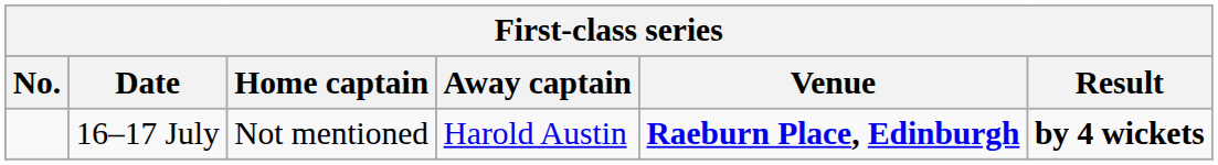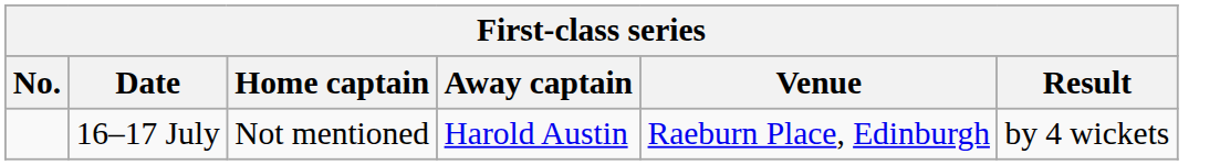 <table class="wikitable">
 <tr>
 <th colspan="9">First-class series</th>
 </tr>
 <tr>
 <th>No.</th>
 <th>Date</th>
 <th>Home captain</th>
 <th>Away captain</th>
 <th>Venue</th>
 <th>Result</th>
 </tr>
 <tr>
 <td></td>
 <td>16–17 July</td>
 <td>Not mentioned</td>
 <td><a href='#'>Harold Austin</a></td>
-<td><strong><a href='#'>Raeburn Place</a>, <a href='#'>Edinburgh</a></strong></td>
-<td><strong> by 4 wickets</strong></td>
+<td><a href='#'>Raeburn Place</a>, <a href='#'>Edinburgh</a></td>
+<td> by 4 wickets</td>
 </tr>
 </table>
